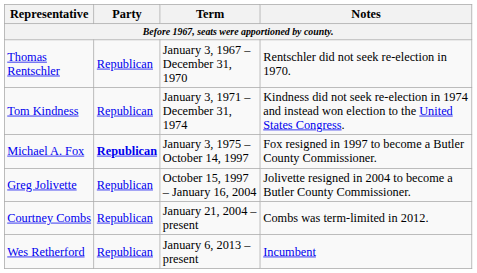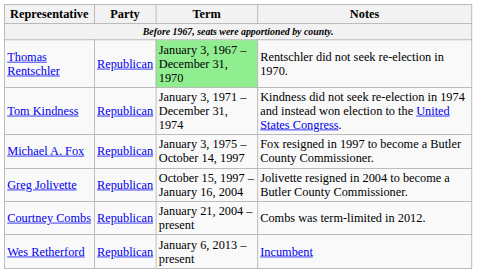 <table class=wikitable>
 <tr valign=bottom>
 <th>Representative</th>
 <th>Party</th>
 <th>Term</th>
 <th>Notes</th>
 </tr>
 <tr>
 <th colspan=5 style="font-size: 80%;"><em>Before 1967, seats were apportioned by county.</em></th>
 </tr>
 <tr>
 <td><a href='#'>Thomas Rentschler</a></td>
 <td><a href='#'>Republican</a></td>
-<td>January 3, 1967 – December 31, 1970</td>
+<td style="background: lightgreen;">January 3, 1967 – December 31, 1970</td>
 <td>Rentschler did not seek re-election in 1970.</td>
 </tr>
 <tr>
 <td><a href='#'>Tom Kindness</a></td>
 <td><a href='#'>Republican</a></td>
 <td>January 3, 1971 – December 31, 1974</td>
 <td>Kindness did not seek re-election in 1974 and instead won election to the <a href='#'>United States Congress</a>.</td>
 </tr>
 <tr>
 <td><a href='#'>Michael A. Fox</a></td>
-<td><strong><a href='#'>Republican</a></strong></td>
+<td><a href='#'>Republican</a></td>
 <td>January 3, 1975 – October 14, 1997</td>
 <td>Fox resigned in 1997 to become a Butler County Commissioner.</td>
 </tr>
 <tr>
 <td><a href='#'>Greg Jolivette</a></td>
 <td><a href='#'>Republican</a></td>
 <td>October 15, 1997 – January 16, 2004</td>
 <td>Jolivette resigned in 2004 to become a Butler County Commissioner.</td>
 </tr>
 <tr>
 <td><a href='#'>Courtney Combs</a></td>
 <td><a href='#'>Republican</a></td>
 <td>January 21, 2004 – present</td>
 <td>Combs was term-limited in 2012.</td>
 </tr>
 <tr>
 <td><a href='#'>Wes Retherford</a></td>
 <td><a href='#'>Republican</a></td>
 <td>January 6, 2013 – present</td>
 <td><a href='#'>Incumbent</a></td>
 </tr>
 </table>
